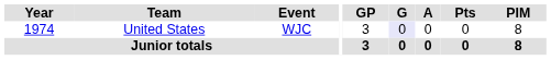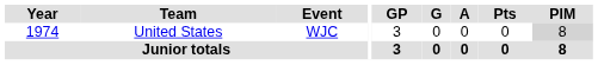 <table border="0" cellpadding="1" cellspacing="0" ID="Table3" style="text-align:center; width:40em">
 <tr ALIGN="center" bgcolor="#e0e0e0">
 <th>Year</th>
 <th>Team</th>
 <th>Event</th>
 <th rowspan="99" bgcolor="#ffffff"></th>
 <th>GP</th>
 <th>G</th>
 <th>A</th>
 <th>Pts</th>
 <th>PIM</th>
 </tr>
 <tr>
 <td><a href='#'>1974</a></td>
 <td><a href='#'>United States</a></td>
 <td><a href='#'>WJC</a></td>
 <td>3</td>
-<td style="background: lavender;">0</td>
 <td>0</td>
 <td>0</td>
-<td>8</td>
+<td>0</td>
+<td style="background: lightgrey;">8</td>
 </tr>
 <tr bgcolor="#e0e0e0">
 <th colspan=3>Junior totals</th>
 <th>3</th>
 <th>0</th>
 <th>0</th>
 <th>0</th>
 <th>8</th>
 </tr>
 </table>
